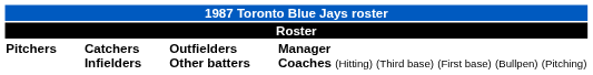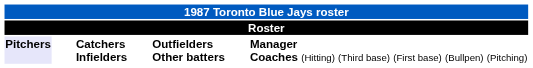 <table class="toccolours" style="font-size: 95%;">
 <tr>
 <th colspan="10" style="background-color: #005ac0;color:#FFFFFF;text-align:center;">1987 Toronto Blue Jays roster</th>
 </tr>
 <tr>
 <td colspan="10" style="background-color: black; color: white; text-align: center;"><strong>Roster</strong></td>
 </tr>
 <tr>
-<td valign="top"><strong>Pitchers</strong><br>              </td>
+<td valign="top" style="background: lavender;"><strong>Pitchers</strong><br>              </td>
 <td width="25px"></td>
 <td valign="top"><strong>Catchers</strong><br>     <strong>Infielders</strong>          </td>
 <td width="25px"></td>
 <td valign="top"><strong>Outfielders</strong><br>       <strong>Other batters</strong> </td>
 <td width="25px"></td>
 <td valign="top"><strong>Manager</strong><br> <strong>Coaches</strong>  <small>(Hitting)</small>  <small>(Third base)</small>  <small>(First base)</small>  <small>(Bullpen)</small>  <small>(Pitching)</small></td>
 </tr>
 </table>
